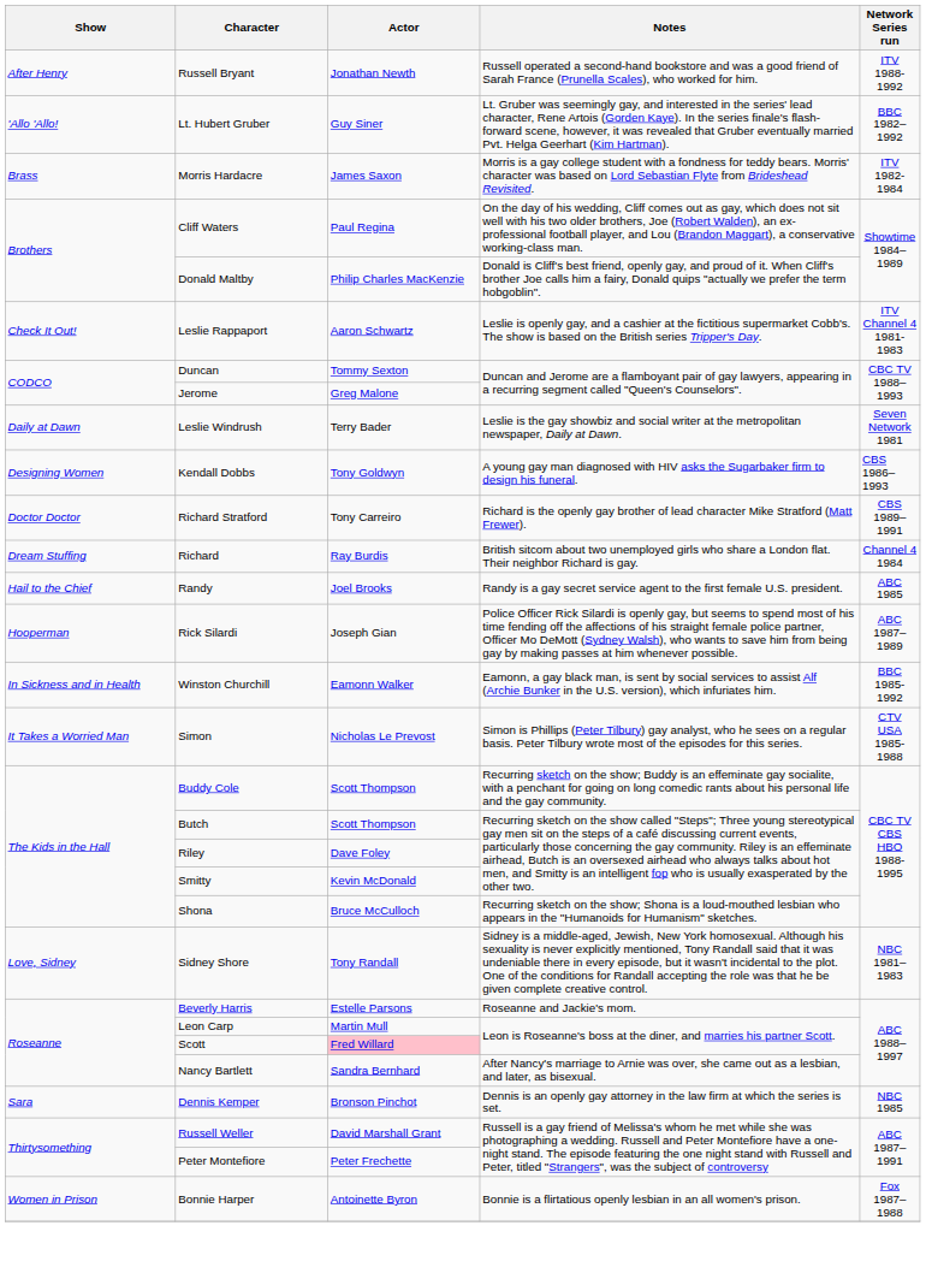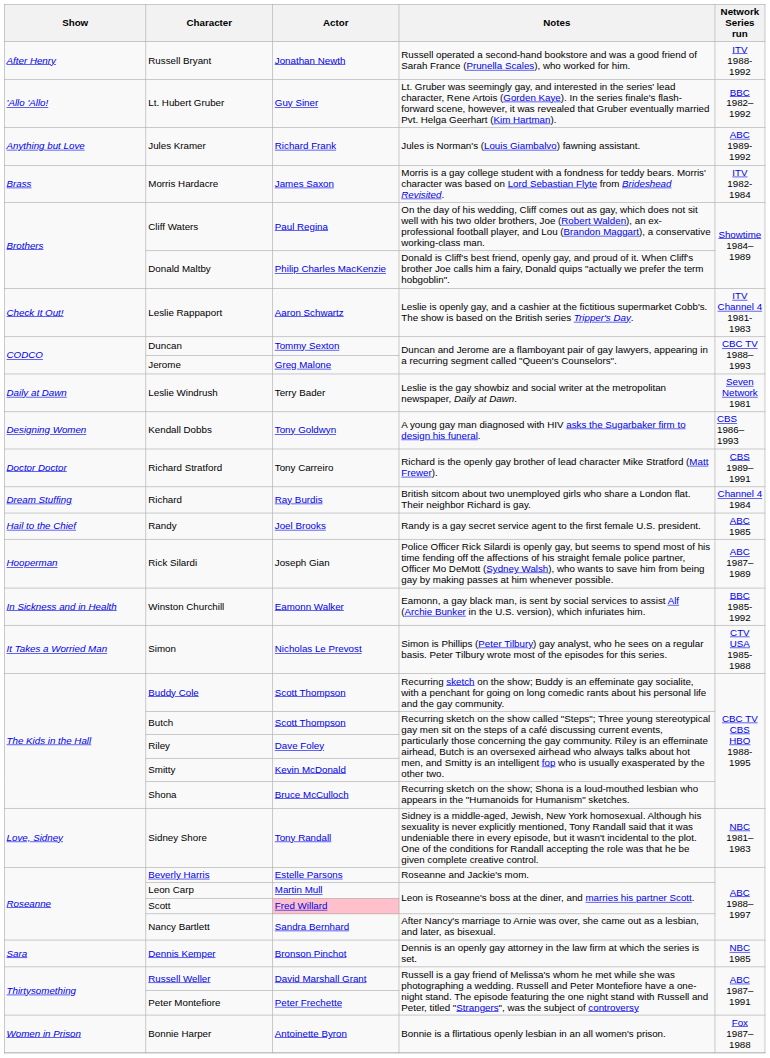 <table class="sortable wikitable" style="margins:auto; width=100%;">
 <tr>
 <th style="width:225px;">Show</th>
 <th style="width:200px">Character</th>
 <th style="width:200px">Actor</th>
 <th class="unsortable">Notes</th>
 <th style="width:75px;" class="unsortable">Network <br>Series run</th>
 </tr>
 <tr>
 <td><em><a href='#'>After Henry</a></em></td>
 <td>Russell Bryant</td>
 <td><a href='#'>Jonathan Newth</a></td>
 <td>Russell operated a second-hand bookstore and was a good friend of Sarah France (<a href='#'>Prunella Scales</a>), who worked for him.</td>
 <td style="text-align: center;"><a href='#'>ITV</a> <br> 1988-1992</td>
 </tr>
 <tr>
 <td><em><a href='#'>'Allo 'Allo!</a></em></td>
 <td>Lt. Hubert Gruber</td>
 <td><a href='#'>Guy Siner</a></td>
 <td>Lt. Gruber was seemingly gay, and interested in the series' lead character, Rene Artois (<a href='#'>Gorden Kaye</a>). In the series finale's flash-forward scene, however, it was revealed that Gruber eventually married Pvt. Helga Geerhart (<a href='#'>Kim Hartman</a>).</td>
 <td style="text-align: center;"><a href='#'>BBC</a> <br> 1982–1992</td>
+</tr>
+<tr>
+<td><em><a href='#'>Anything but Love</a></em></td>
+<td>Jules Kramer</td>
+<td><a href='#'>Richard Frank</a></td>
+<td>Jules is Norman's (<a href='#'>Louis Giambalvo</a>) fawning assistant.</td>
+<td style="text-align: center;"><a href='#'>ABC</a> <br> 1989-1992</td>
 </tr>
 <tr>
 <td><em><a href='#'>Brass</a></em></td>
 <td>Morris Hardacre</td>
 <td><a href='#'>James Saxon</a></td>
 <td>Morris is a gay college student with a fondness for teddy bears. Morris' character was based on <a href='#'>Lord Sebastian Flyte</a> from <em><a href='#'>Brideshead Revisited</a></em>.</td>
 <td style="text-align: center;"><a href='#'>ITV</a> <br> 1982-1984</td>
 </tr>
 <tr>
 <td rowspan="2"><em><a href='#'>Brothers</a></em></td>
 <td>Cliff Waters</td>
 <td><a href='#'>Paul Regina</a></td>
 <td>On the day of his wedding, Cliff comes out as gay, which does not sit well with his two older brothers, Joe (<a href='#'>Robert Walden</a>), an ex-professional football player, and Lou (<a href='#'>Brandon Maggart</a>), a conservative working-class man.</td>
 <td rowspan="2" style="text-align: center;"><a href='#'>Showtime</a> <br> 1984–1989</td>
 </tr>
 <tr>
 <td>Donald Maltby</td>
 <td><a href='#'>Philip Charles MacKenzie</a></td>
 <td>Donald is Cliff's best friend, openly gay, and proud of it. When Cliff's brother Joe calls him a fairy, Donald quips "actually we prefer the term hobgoblin".</td>
 </tr>
 <tr>
 <td><em><a href='#'>Check It Out!</a></em></td>
 <td>Leslie Rappaport</td>
 <td><a href='#'>Aaron Schwartz</a></td>
 <td>Leslie is openly gay, and a cashier at the fictitious supermarket Cobb's. The show is based on the British series <em><a href='#'>Tripper's Day</a></em>.</td>
 <td style="text-align: center;"><a href='#'>ITV</a> <br> <a href='#'>Channel 4</a> <br> 1981-1983</td>
 </tr>
 <tr>
 <td rowspan="2"><em><a href='#'>CODCO</a></em></td>
 <td>Duncan</td>
 <td><a href='#'>Tommy Sexton</a></td>
 <td rowspan="2">Duncan and Jerome are a flamboyant pair of gay lawyers, appearing in a recurring segment called "Queen's Counselors".</td>
 <td rowspan="2" style="text-align: center;"><a href='#'>CBC TV</a> <br> 1988–1993</td>
 </tr>
 <tr>
 <td>Jerome</td>
 <td><a href='#'>Greg Malone</a></td>
 </tr>
 <tr>
 <td><em><a href='#'>Daily at Dawn</a></em></td>
 <td>Leslie Windrush</td>
 <td>Terry Bader</td>
 <td>Leslie is the gay showbiz and social writer at the metropolitan newspaper, <em>Daily at Dawn</em>.</td>
 <td style="text-align: center;"><a href='#'>Seven Network</a> <br> 1981</td>
 </tr>
 <tr>
 <td><em><a href='#'>Designing Women</a></em></td>
 <td>Kendall Dobbs</td>
 <td><a href='#'>Tony Goldwyn</a></td>
 <td>A young gay man diagnosed with HIV <a href='#'>asks the Sugarbaker firm to design his funeral</a>.</td>
 <td><a href='#'>CBS</a> <br> 1986–1993</td>
 </tr>
 <tr>
 <td><em><a href='#'>Doctor Doctor</a></em></td>
 <td>Richard Stratford</td>
 <td>Tony Carreiro</td>
 <td>Richard is the openly gay brother of lead character Mike Stratford (<a href='#'>Matt Frewer</a>).</td>
 <td style="text-align: center;"><a href='#'>CBS</a> <br> 1989–1991</td>
 </tr>
 <tr>
 <td><em><a href='#'>Dream Stuffing</a></em></td>
 <td>Richard</td>
 <td><a href='#'>Ray Burdis</a></td>
 <td>British sitcom about two unemployed girls who share a London flat. Their neighbor Richard is gay.</td>
 <td style="text-align: center;"><a href='#'>Channel 4</a> <br> 1984</td>
 </tr>
 <tr>
 <td><em><a href='#'>Hail to the Chief</a></em></td>
 <td>Randy</td>
 <td><a href='#'>Joel Brooks</a></td>
 <td>Randy is a gay secret service agent to the first female U.S. president.</td>
 <td style="text-align: center;"><a href='#'>ABC</a> <br> 1985</td>
 </tr>
 <tr>
 <td><em><a href='#'>Hooperman</a></em></td>
 <td>Rick Silardi</td>
 <td>Joseph Gian</td>
 <td>Police Officer Rick Silardi is openly gay, but seems to spend most of his time fending off the affections of his straight female police partner, Officer Mo DeMott (<a href='#'>Sydney Walsh</a>), who wants to save him from being gay by making passes at him whenever possible.</td>
 <td style="text-align: center;"><a href='#'>ABC</a> <br> 1987–1989</td>
 </tr>
 <tr>
 <td><em><a href='#'>In Sickness and in Health</a></em></td>
 <td>Winston Churchill</td>
 <td><a href='#'>Eamonn Walker</a></td>
 <td>Eamonn, a gay black man, is sent by social services to assist <a href='#'>Alf</a> (<a href='#'>Archie Bunker</a> in the U.S. version), which infuriates him.</td>
 <td style="text-align: center;"><a href='#'>BBC</a> <br> 1985-1992</td>
 </tr>
 <tr>
 <td><em><a href='#'>It Takes a Worried Man</a></em></td>
 <td>Simon</td>
 <td><a href='#'>Nicholas Le Prevost</a></td>
 <td>Simon is Phillips (<a href='#'>Peter Tilbury</a>) gay analyst, who he sees on a regular basis. Peter Tilbury wrote most of the episodes for this series.</td>
 <td style="text-align: center;"><a href='#'>CTV</a> <br> <a href='#'>USA</a> <br> 1985-1988</td>
 </tr>
 <tr>
 <td rowspan="5"><em><a href='#'>The Kids in the Hall</a></em></td>
 <td><a href='#'>Buddy Cole</a></td>
 <td><a href='#'>Scott Thompson</a></td>
 <td>Recurring <a href='#'>sketch</a> on the show; Buddy is an effeminate gay socialite, with a penchant for going on long comedic rants about his personal life and the gay community.</td>
 <td rowspan="5" style="text-align: center;"><a href='#'>CBC TV</a> <br> <a href='#'>CBS</a> <br> <a href='#'>HBO</a> <br> 1988-1995</td>
 </tr>
 <tr>
 <td>Butch</td>
 <td><a href='#'>Scott Thompson</a></td>
 <td rowspan="3">Recurring sketch on the show called "Steps"; Three young stereotypical gay men sit on the steps of a café discussing current events, particularly those concerning the gay community. Riley is an effeminate airhead, Butch is an oversexed airhead who always talks about hot men, and Smitty is an intelligent <a href='#'>fop</a> who is usually exasperated by the other two.</td>
 </tr>
 <tr>
 <td>Riley</td>
 <td><a href='#'>Dave Foley</a></td>
 </tr>
 <tr>
 <td>Smitty</td>
 <td><a href='#'>Kevin McDonald</a></td>
 </tr>
 <tr>
 <td>Shona</td>
 <td><a href='#'>Bruce McCulloch</a></td>
 <td>Recurring sketch on the show; Shona is a loud-mouthed lesbian who appears in the "Humanoids for Humanism" sketches.</td>
 </tr>
 <tr>
 <td><em><a href='#'>Love, Sidney</a></em></td>
 <td>Sidney Shore</td>
 <td><a href='#'>Tony Randall</a></td>
 <td>Sidney is a middle-aged, Jewish, New York homosexual. Although his sexuality is never explicitly mentioned, Tony Randall said that it was undeniable there in every episode, but it wasn't incidental to the plot. One of the conditions for Randall accepting the role was that he be given complete creative control.</td>
 <td style="text-align: center;"><a href='#'>NBC</a> <br> 1981–1983</td>
 </tr>
 <tr>
 <td rowspan="4"><em><a href='#'>Roseanne</a></em></td>
 <td><a href='#'>Beverly Harris</a></td>
 <td><a href='#'>Estelle Parsons</a></td>
 <td>Roseanne and Jackie's mom.</td>
 <td rowspan="4" style="text-align: center;"><a href='#'>ABC</a> <br> 1988–1997</td>
 </tr>
 <tr>
 <td>Leon Carp</td>
 <td><a href='#'>Martin Mull</a></td>
 <td rowspan="2">Leon is Roseanne's boss at the diner, and <a href='#'>marries his partner Scott</a>.</td>
 </tr>
 <tr>
 <td>Scott</td>
 <td style="background: pink;"><a href='#'>Fred Willard</a></td>
 </tr>
 <tr>
 <td>Nancy Bartlett</td>
 <td><a href='#'>Sandra Bernhard</a></td>
 <td>After Nancy's marriage to Arnie was over, she came out as a lesbian, and later, as bisexual.</td>
 </tr>
 <tr>
 <td><em><a href='#'>Sara</a></em></td>
 <td><a href='#'>Dennis Kemper</a></td>
 <td><a href='#'>Bronson Pinchot</a></td>
 <td>Dennis is an openly gay attorney in the law firm at which the series is set.</td>
 <td style="text-align: center;"><a href='#'>NBC</a> <br> 1985</td>
 </tr>
 <tr>
 <td rowspan="2"><em><a href='#'>Thirtysomething</a></em></td>
 <td><a href='#'>Russell Weller</a></td>
 <td><a href='#'>David Marshall Grant</a></td>
 <td rowspan="2">Russell is a gay friend of Melissa's whom he met while she was photographing a wedding. Russell and Peter Montefiore have a one-night stand. The episode featuring the one night stand with Russell and Peter, titled "<a href='#'>Strangers</a>", was the subject of <a href='#'>controversy</a></td>
 <td rowspan="2" style="text-align: center;"><a href='#'>ABC</a> <br> 1987–1991</td>
 </tr>
 <tr>
 <td>Peter Montefiore</td>
 <td><a href='#'>Peter Frechette</a></td>
 </tr>
 <tr>
 <td><em><a href='#'>Women in Prison</a></em></td>
 <td>Bonnie Harper</td>
 <td><a href='#'>Antoinette Byron</a></td>
 <td>Bonnie is a flirtatious openly lesbian in an all women's prison.</td>
 <td style="text-align: center;"><a href='#'>Fox</a> <br> 1987–1988</td>
 </tr>
 <tr>
 </tr>
 </table>
